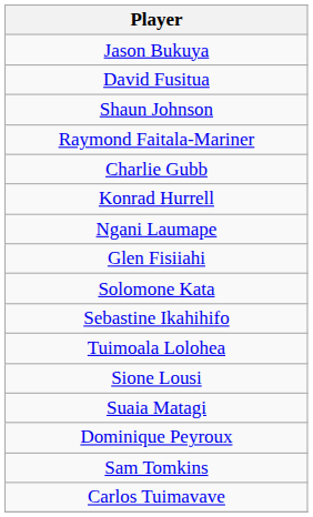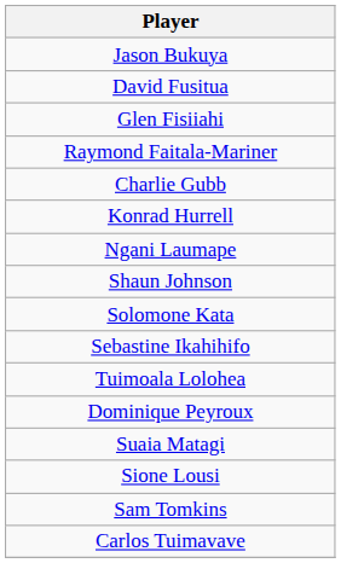 <table class="wikitable" style="text-align: center;">
 <tr>
 <th style="width:250px;">Player</th>
 </tr>
 <tr>
 <td><a href='#'>Jason Bukuya</a></td>
 </tr>
 <tr>
 <td><a href='#'>David Fusitua</a></td>
 </tr>
 <tr>
-<td><a href='#'>Shaun Johnson</a></td>
+<td><a href='#'>Glen Fisiiahi</a></td>
 </tr>
 <tr>
 <td><a href='#'>Raymond Faitala-Mariner</a></td>
 </tr>
 <tr>
 <td><a href='#'>Charlie Gubb</a></td>
 </tr>
 <tr>
 <td><a href='#'>Konrad Hurrell</a></td>
 </tr>
 <tr>
 <td><a href='#'>Ngani Laumape</a></td>
 </tr>
 <tr>
-<td><a href='#'>Glen Fisiiahi</a></td>
+<td><a href='#'>Shaun Johnson</a></td>
 </tr>
 <tr>
 <td><a href='#'>Solomone Kata</a></td>
 </tr>
 <tr>
 <td><a href='#'>Sebastine Ikahihifo</a></td>
 </tr>
 <tr>
 <td><a href='#'>Tuimoala Lolohea</a></td>
 </tr>
 <tr>
-<td><a href='#'>Sione Lousi</a></td>
+<td><a href='#'>Dominique Peyroux</a></td>
 </tr>
 <tr>
 <td><a href='#'>Suaia Matagi</a></td>
 </tr>
 <tr>
-<td><a href='#'>Dominique Peyroux</a></td>
+<td><a href='#'>Sione Lousi</a></td>
 </tr>
 <tr>
 <td><a href='#'>Sam Tomkins</a></td>
 </tr>
 <tr>
 <td><a href='#'>Carlos Tuimavave</a></td>
 </tr>
 <tr>
 </tr>
 </table>
